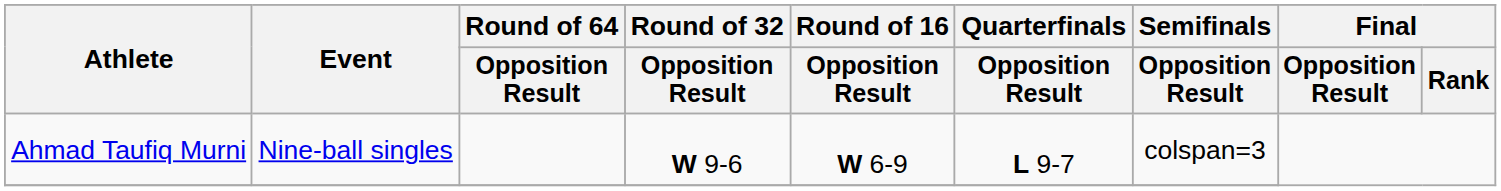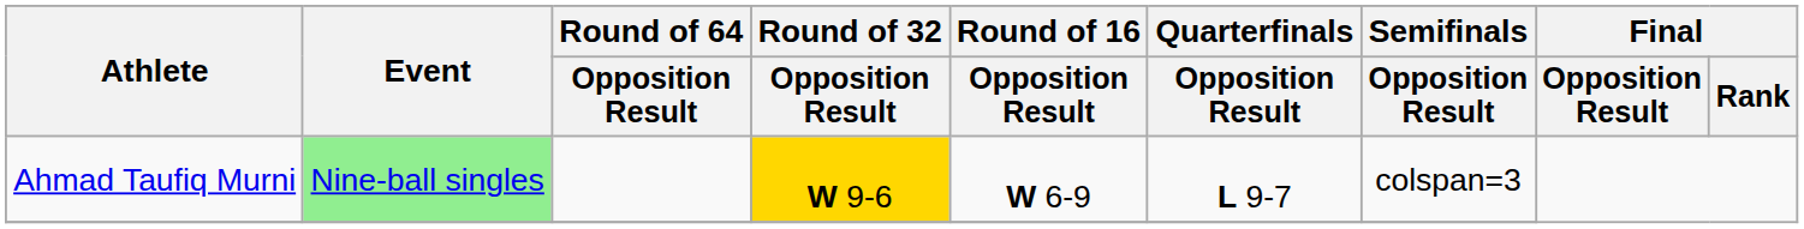 <table class="wikitable" style="font-size:90%">
 <tr>
 <th rowspan=2>Athlete</th>
 <th rowspan=2>Event</th>
 <th>Round of 64</th>
 <th>Round of 32</th>
 <th>Round of 16</th>
 <th>Quarterfinals</th>
 <th>Semifinals</th>
 <th colspan=2>Final</th>
 </tr>
 <tr style="font-size:95%">
 <th>Opposition<br>Result</th>
 <th>Opposition<br>Result</th>
 <th>Opposition<br>Result</th>
 <th>Opposition<br>Result</th>
 <th>Opposition<br>Result</th>
 <th>Opposition<br>Result</th>
 <th>Rank</th>
 </tr>
 <tr align=center>
 <td align=left><a href='#'>Ahmad Taufiq Murni</a></td>
-<td align=left><a href='#'>Nine-ball singles</a></td>
+<td align=left style="background: lightgreen;"><a href='#'>Nine-ball singles</a></td>
 <td></td>
-<td><br><strong>W</strong> 9-6</td>
+<td style="background: gold;"><br><strong>W</strong> 9-6</td>
 <td><br><strong>W</strong> 6-9</td>
 <td><br><strong>L</strong> 9-7</td>
 <td>colspan=3 </td>
 </tr>
 <tr>
 </tr>
 </table>
